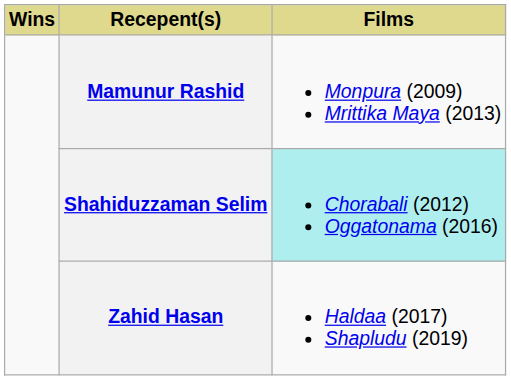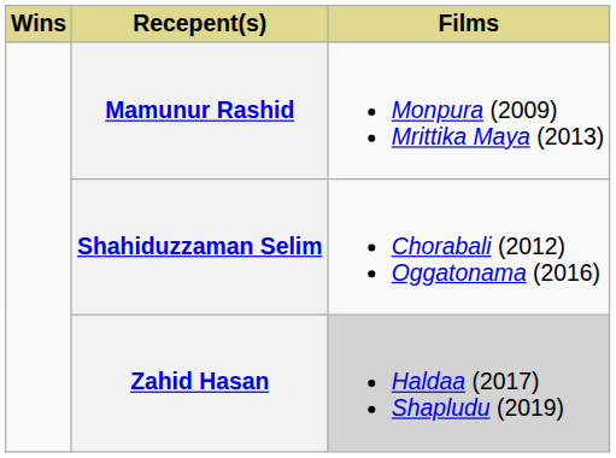 <table class="wikitable">
 <tr>
 <th style="background:#DFD98D;">Wins</th>
 <th style="background:#DFD98D;">Recepent(s)</th>
 <th style="background:#DFD98D;">Films</th>
 </tr>
 <tr>
 <td rowspan="3"></td>
 <th scope="row"><a href='#'>Mamunur Rashid</a></th>
 <td><br><ul><li><em><a href='#'>Monpura</a></em> (2009)</li><li><em><a href='#'>Mrittika Maya</a></em> (2013)</li></ul></td>
 </tr>
 <tr>
 <th scope="row"><a href='#'>Shahiduzzaman Selim</a></th>
-<td style="background: paleturquoise;"><br><ul><li><em><a href='#'>Chorabali</a></em> (2012)</li><li><em><a href='#'>Oggatonama</a></em> (2016)</li></ul></td>
+<td><br><ul><li><em><a href='#'>Chorabali</a></em> (2012)</li><li><em><a href='#'>Oggatonama</a></em> (2016)</li></ul></td>
 </tr>
 <tr>
 <th scope="row"><a href='#'>Zahid Hasan</a></th>
-<td><br><ul><li><em><a href='#'>Haldaa</a></em> (2017)</li><li><em><a href='#'>Shapludu</a></em> (2019)</li></ul></td>
+<td style="background: lightgrey;"><br><ul><li><em><a href='#'>Haldaa</a></em> (2017)</li><li><em><a href='#'>Shapludu</a></em> (2019)</li></ul></td>
 </tr>
 </table>
